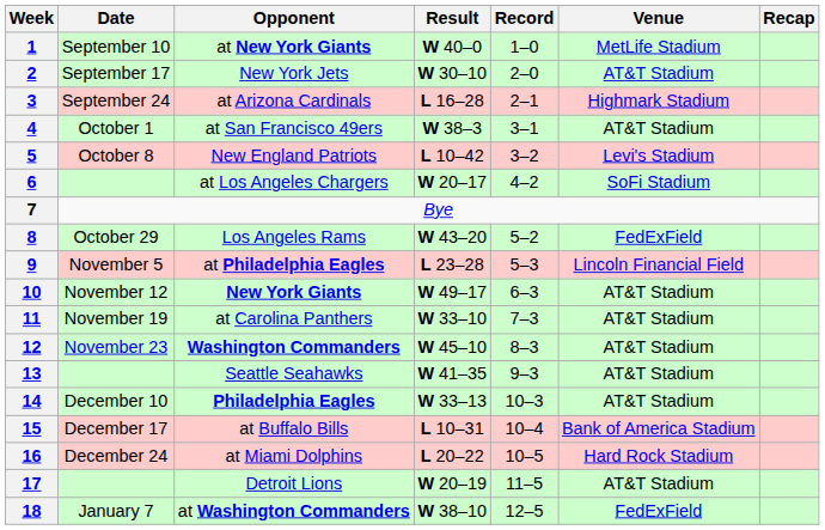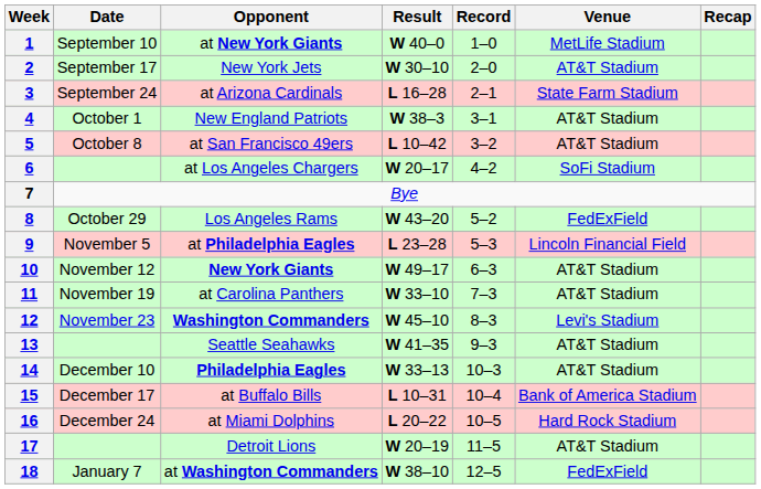 <table class="wikitable" style="text-align:center">
 <tr>
 <th>Week</th>
 <th>Date</th>
 <th>Opponent</th>
 <th>Result</th>
 <th>Record</th>
 <th>Venue</th>
 <th>Recap</th>
 </tr>
 <tr style="background:#cfc">
 <th><a href='#'>1</a></th>
 <td>September 10</td>
 <td>at <strong><a href='#'>New York Giants</a></strong></td>
 <td><strong>W</strong> 40–0</td>
 <td>1–0</td>
 <td><a href='#'>MetLife Stadium</a></td>
 <td></td>
 </tr>
 <tr style="background:#cfc">
 <th><a href='#'>2</a></th>
 <td>September 17</td>
 <td><a href='#'>New York Jets</a></td>
 <td><strong>W</strong> 30–10</td>
 <td>2–0</td>
 <td><a href='#'>AT&T Stadium</a></td>
 <td></td>
 </tr>
 <tr style="background:#fcc">
 <th><a href='#'>3</a></th>
 <td>September 24</td>
 <td>at <a href='#'>Arizona Cardinals</a></td>
 <td><strong>L</strong> 16–28</td>
 <td>2–1</td>
-<td><a href='#'>Highmark Stadium</a></td>
+<td><a href='#'>State Farm Stadium</a></td>
 <td></td>
 </tr>
 <tr style="background:#cfc">
 <th><a href='#'>4</a></th>
 <td>October 1</td>
-<td>at <a href='#'>San Francisco 49ers</a></td>
+<td><a href='#'>New England Patriots</a></td>
 <td><strong>W</strong> 38–3</td>
 <td>3–1</td>
 <td>AT&T Stadium</td>
 <td></td>
 </tr>
 <tr style="background:#fcc">
 <th><a href='#'>5</a></th>
 <td>October 8</td>
-<td><a href='#'>New England Patriots</a></td>
+<td>at <a href='#'>San Francisco 49ers</a></td>
 <td><strong>L</strong> 10–42</td>
 <td>3–2</td>
-<td><a href='#'>Levi's Stadium</a></td>
+<td>AT&T Stadium</td>
 <td></td>
 </tr>
 <tr style="background:#cfc">
 <th><a href='#'>6</a></th>
 <td></td>
 <td>at <a href='#'>Los Angeles Chargers</a></td>
 <td><strong>W</strong> 20–17</td>
 <td>4–2</td>
 <td><a href='#'>SoFi Stadium</a></td>
 <td></td>
 </tr>
 <tr>
 <th>7</th>
 <td colspan="6"><em><a href='#'>Bye</a></em></td>
 </tr>
 <tr style="background:#cfc">
 <th><a href='#'>8</a></th>
 <td>October 29</td>
 <td><a href='#'>Los Angeles Rams</a></td>
 <td><strong>W</strong> 43–20</td>
 <td>5–2</td>
 <td><a href='#'>FedExField</a></td>
 <td></td>
 </tr>
 <tr style="background:#fcc">
 <th><a href='#'>9</a></th>
 <td>November 5</td>
 <td>at <strong><a href='#'>Philadelphia Eagles</a></strong></td>
 <td><strong>L</strong> 23–28</td>
 <td>5–3</td>
 <td><a href='#'>Lincoln Financial Field</a></td>
 <td></td>
 </tr>
 <tr style="background:#cfc">
 <th><a href='#'>10</a></th>
 <td>November 12</td>
 <td><strong><a href='#'>New York Giants</a></strong></td>
 <td><strong>W</strong> 49–17</td>
 <td>6–3</td>
 <td>AT&T Stadium</td>
 <td></td>
 </tr>
 <tr style="background:#cfc">
 <th><a href='#'>11</a></th>
 <td>November 19</td>
 <td>at <a href='#'>Carolina Panthers</a></td>
 <td><strong>W</strong> 33–10</td>
 <td>7–3</td>
 <td>AT&T Stadium</td>
 <td></td>
 </tr>
 <tr style="background:#cfc">
 <th><a href='#'>12</a></th>
 <td><a href='#'>November 23</a></td>
 <td><strong><a href='#'>Washington Commanders</a></strong></td>
 <td><strong>W</strong> 45–10</td>
 <td>8–3</td>
-<td>AT&T Stadium</td>
+<td><a href='#'>Levi's Stadium</a></td>
 <td></td>
 </tr>
 <tr style="background:#cfc">
 <th><a href='#'>13</a></th>
 <td></td>
 <td><a href='#'>Seattle Seahawks</a></td>
 <td><strong>W</strong> 41–35</td>
 <td>9–3</td>
 <td>AT&T Stadium</td>
 <td></td>
 </tr>
 <tr style="background:#cfc">
 <th><a href='#'>14</a></th>
 <td>December 10</td>
 <td><strong><a href='#'>Philadelphia Eagles</a></strong></td>
 <td><strong>W</strong> 33–13</td>
 <td>10–3</td>
 <td>AT&T Stadium</td>
 <td></td>
 </tr>
 <tr style="background:#fcc">
 <th><a href='#'>15</a></th>
 <td>December 17</td>
 <td>at <a href='#'>Buffalo Bills</a></td>
 <td><strong>L</strong> 10–31</td>
 <td>10–4</td>
 <td><a href='#'>Bank of America Stadium</a></td>
 <td></td>
 </tr>
 <tr style="background:#fcc">
 <th><a href='#'>16</a></th>
 <td>December 24</td>
 <td>at <a href='#'>Miami Dolphins</a></td>
 <td><strong>L</strong> 20–22</td>
 <td>10–5</td>
 <td><a href='#'>Hard Rock Stadium</a></td>
 <td></td>
 </tr>
 <tr style="background:#cfc">
 <th><a href='#'>17</a></th>
 <td></td>
 <td><a href='#'>Detroit Lions</a></td>
 <td><strong>W</strong> 20–19</td>
 <td>11–5</td>
 <td>AT&T Stadium</td>
 <td></td>
 </tr>
 <tr style="background:#cfc">
 <th><a href='#'>18</a></th>
 <td>January 7</td>
 <td>at <strong><a href='#'>Washington Commanders</a></strong></td>
 <td><strong>W</strong> 38–10</td>
 <td>12–5</td>
 <td><a href='#'>FedExField</a></td>
 <td></td>
 </tr>
 </table>
